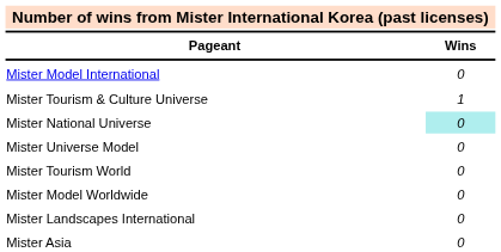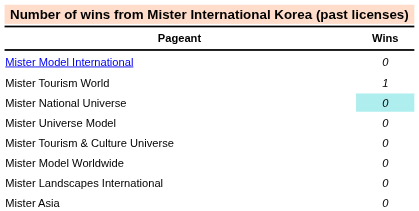 <table class="toccolours" style="width: 30em; float:right; margin-left:1em; font-size:80%; line-height:1.5em; width:30%;">
 <tr>
 <th colspan="2" align="center" style="background:#FFDDCA;"><big>Number of wins from Mister International Korea (past licenses)</big></th>
 </tr>
 <tr>
 <td colspan="2" style="background:black"></td>
 </tr>
 <tr>
 <th scope="col">Pageant</th>
 <th scope="col">Wins</th>
 </tr>
 <tr>
 <td colspan="2" style="background:black"></td>
 </tr>
 <tr>
 <td align="left"><a href='#'>Mister Model International</a></td>
 <td align="center"><em>0</em></td>
 </tr>
 <tr>
-<td align="left">Mister Tourism & Culture Universe</td>
+<td align="left">Mister Tourism World</td>
 <td align="center"><em>1</em></td>
 </tr>
 <tr>
 <td align="left">Mister National Universe</td>
 <td align="center" style="background: paleturquoise;"><em>0</em></td>
 </tr>
 <tr>
 <td align="left">Mister Universe Model</td>
 <td align="center"><em>0</em></td>
 </tr>
 <tr>
-<td align="left">Mister Tourism World</td>
+<td align="left">Mister Tourism & Culture Universe</td>
 <td align="center"><em>0</em></td>
 </tr>
 <tr>
 <td align="left">Mister Model Worldwide</td>
 <td align="center"><em>0</em></td>
 </tr>
 <tr>
 <td align="left">Mister Landscapes International</td>
 <td align="center"><em>0</em></td>
 </tr>
 <tr>
 <td align="left">Mister Asia</td>
 <td align="center"><em>0</em></td>
 </tr>
 <tr>
 </tr>
 </table>
